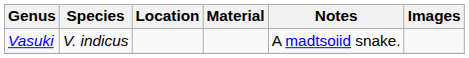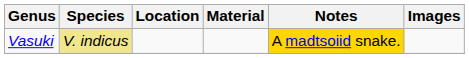 <table class="wikitable" align="center">
 <tr>
 <th>Genus</th>
 <th>Species</th>
 <th>Location</th>
 <th>Material</th>
 <th>Notes</th>
 <th>Images</th>
 </tr>
 <tr>
 <td><a href='#'><em>Vasuki</em></a></td>
-<td><em>V. indicus</em></td>
+<td style="background: khaki;"><em>V. indicus</em></td>
 <td></td>
 <td></td>
-<td>A <a href='#'>madtsoiid</a> snake.</td>
+<td style="background: gold;">A <a href='#'>madtsoiid</a> snake.</td>
 <td></td>
 </tr>
 <tr>
 </tr>
 </table>
